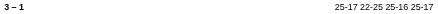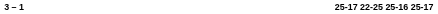 <table width=100% cellspacing=1>
 <tr>
 <th width=20%></th>
 <th width=12%></th>
 <th width=20%></th>
 <th width=33%></th>
 <td></td>
 </tr>
 <tr style=font-size:90%>
 <td align=right><strong></strong></td>
 <td align=center><strong>3 – 1</strong></td>
 <td></td>
-<td>25-17 22-25 25-16 25-17</td>
+<td><strong>25-17 22-25 25-16 25-17</strong></td>
 </tr>
 </table>
